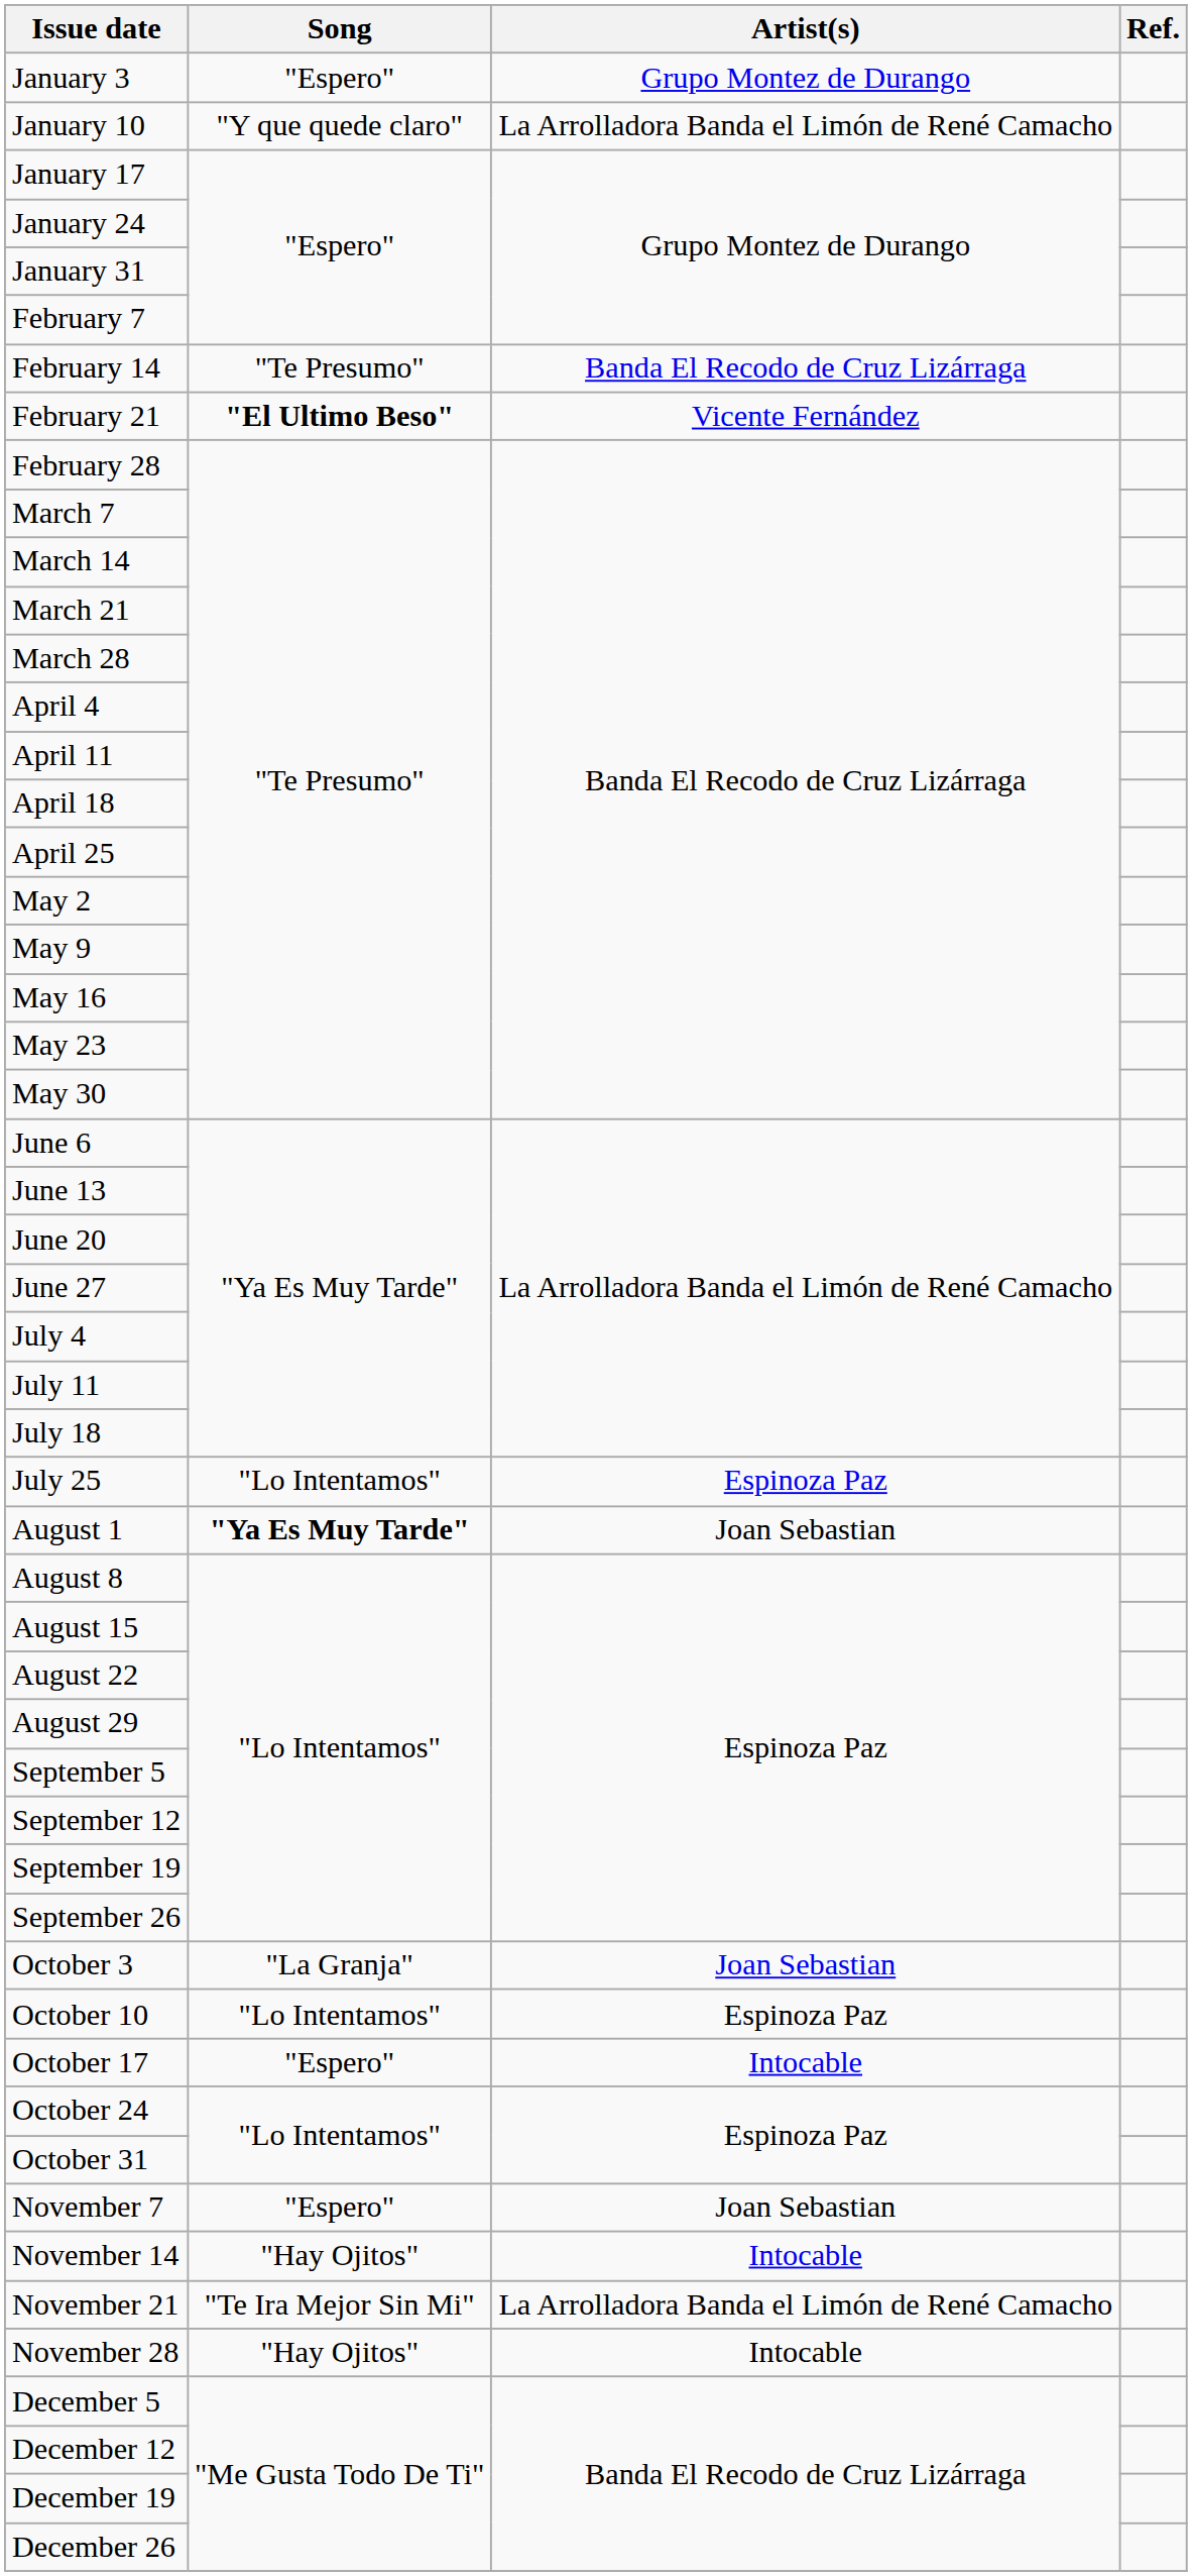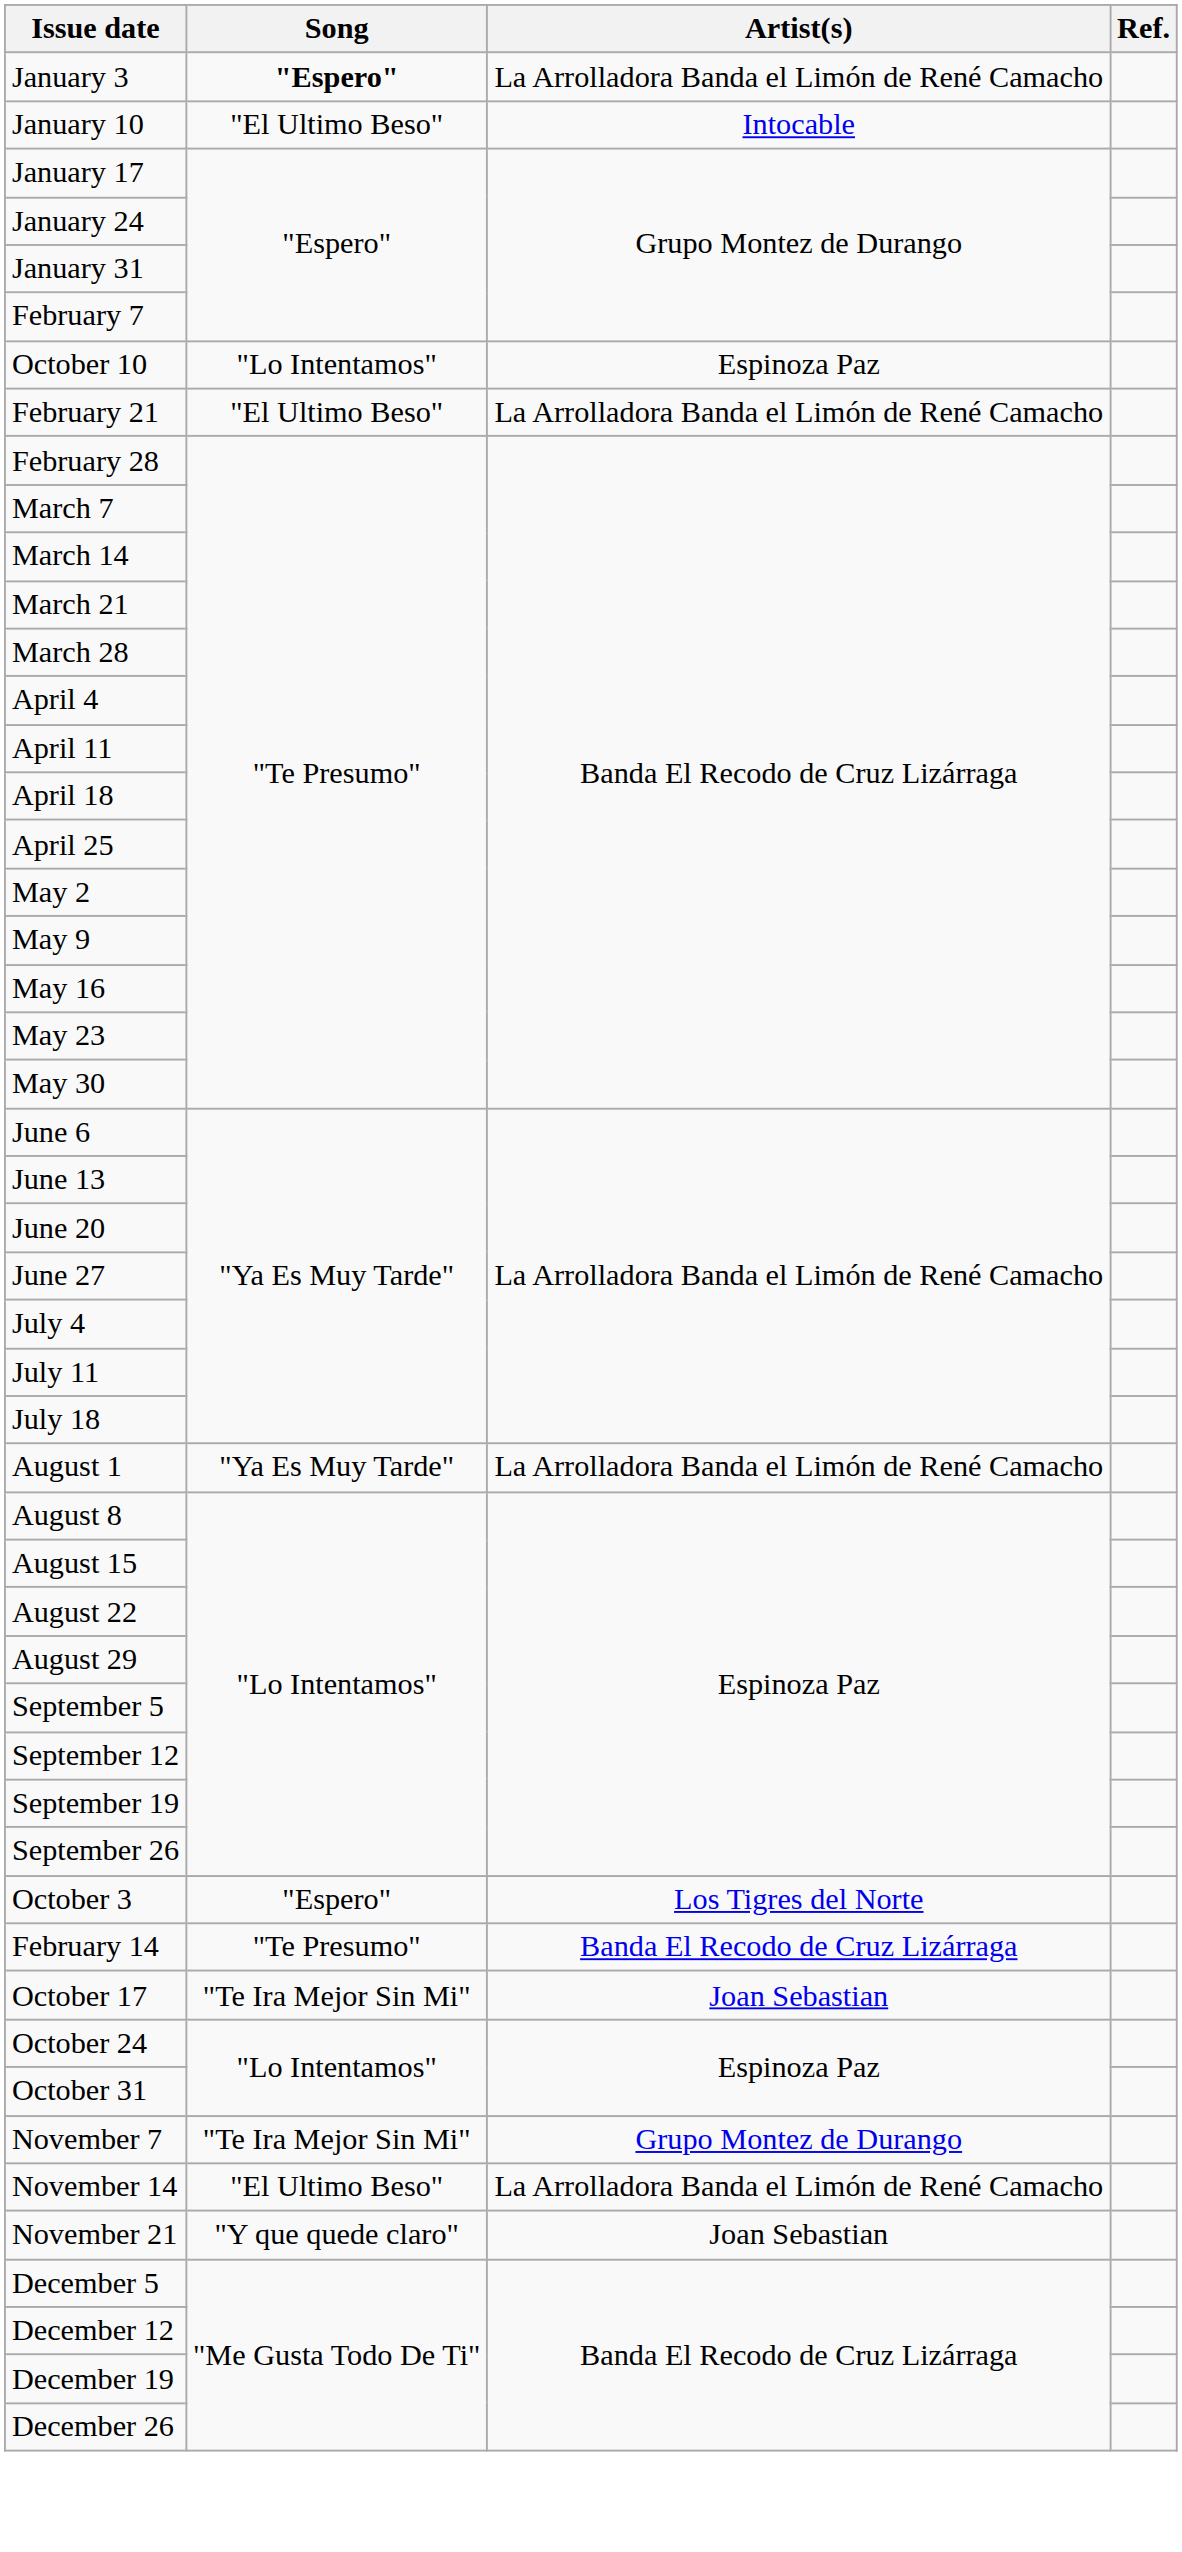 <table class="wikitable">
 <tr>
 <th>Issue date</th>
 <th>Song</th>
 <th>Artist(s)</th>
 <th>Ref.</th>
 </tr>
 <tr>
 <td>January 3</td>
-<td style="text-align: center;">"Espero"</td>
-<td style="text-align: center;"><a href='#'>Grupo Montez de Durango</a></td>
+<td style="text-align: center;"><strong>"Espero"</strong></td>
+<td style="text-align: center;">La Arrolladora Banda el Limón de René Camacho</td>
 <td style="text-align: center;"></td>
 </tr>
 <tr>
 <td>January 10</td>
-<td style="text-align: center;">"Y que quede claro"</td>
-<td style="text-align: center;">La Arrolladora Banda el Limón de René Camacho</td>
+<td style="text-align: center;">"El Ultimo Beso"</td>
+<td style="text-align: center;"><a href='#'>Intocable</a></td>
 <td style="text-align: center;"></td>
 </tr>
 <tr>
 <td>January 17</td>
 <td style="text-align: center;"rowspan="4">"Espero"</td>
 <td style="text-align: center;"rowspan="4">Grupo Montez de Durango</td>
 <td style="text-align: center;"></td>
 </tr>
 <tr>
 <td>January 24</td>
 <td style="text-align: center;"></td>
 </tr>
 <tr>
 <td>January 31</td>
 <td style="text-align: center;"></td>
 </tr>
 <tr>
 <td>February 7</td>
 <td style="text-align: center;"></td>
 </tr>
 <tr>
-<td>February 14</td>
-<td style="text-align: center;">"Te Presumo"</td>
-<td style="text-align: center;"><a href='#'>Banda El Recodo de Cruz Lizárraga</a></td>
+<td>October 10</td>
+<td style="text-align: center;">"Lo Intentamos"</td>
+<td style="text-align: center;">Espinoza Paz</td>
 <td style="text-align: center;"></td>
 </tr>
 <tr>
 <td>February 21</td>
-<td style="text-align: center;"><strong>"El Ultimo Beso"</strong></td>
-<td style="text-align: center;"><a href='#'>Vicente Fernández</a></td>
+<td style="text-align: center;">"El Ultimo Beso"</td>
+<td style="text-align: center;">La Arrolladora Banda el Limón de René Camacho</td>
 <td style="text-align: center;"></td>
 </tr>
 <tr>
 <td>February 28</td>
 <td style="text-align: center;"rowspan="14">"Te Presumo"</td>
 <td style="text-align: center;"rowspan="14">Banda El Recodo de Cruz Lizárraga</td>
 <td style="text-align: center;"></td>
 </tr>
 <tr>
 <td>March 7</td>
 <td style="text-align: center;"></td>
 </tr>
 <tr>
 <td>March 14</td>
 <td style="text-align: center;"></td>
 </tr>
 <tr>
 <td>March 21</td>
 <td style="text-align: center;"></td>
 </tr>
 <tr>
 <td>March 28</td>
 <td style="text-align: center;"></td>
 </tr>
 <tr>
 <td>April 4</td>
 <td style="text-align: center;"></td>
 </tr>
 <tr>
 <td>April 11</td>
 <td style="text-align: center;"></td>
 </tr>
 <tr>
 <td>April 18</td>
 <td style="text-align: center;"></td>
 </tr>
 <tr>
 <td>April 25</td>
 <td style="text-align: center;"></td>
 </tr>
 <tr>
 <td>May 2</td>
 <td style="text-align: center;"></td>
 </tr>
 <tr>
 <td>May 9</td>
 <td style="text-align: center;"></td>
 </tr>
 <tr>
 <td>May 16</td>
 <td style="text-align: center;"></td>
 </tr>
 <tr>
 <td>May 23</td>
 <td style="text-align: center;"></td>
 </tr>
 <tr>
 <td>May 30</td>
 <td style="text-align: center;"></td>
 </tr>
 <tr>
 <td>June 6</td>
 <td style="text-align: center;"rowspan="7">"Ya Es Muy Tarde"</td>
 <td style="text-align: center;"rowspan="7">La Arrolladora Banda el Limón de René Camacho</td>
 <td style="text-align: center;"></td>
 </tr>
 <tr>
 <td>June 13</td>
 <td style="text-align: center;"></td>
 </tr>
 <tr>
 <td>June 20</td>
 <td style="text-align: center;"></td>
 </tr>
 <tr>
 <td>June 27</td>
 <td style="text-align: center;"></td>
 </tr>
 <tr>
 <td>July 4</td>
 <td style="text-align: center;"></td>
 </tr>
 <tr>
 <td>July 11</td>
 <td style="text-align: center;"></td>
 </tr>
 <tr>
 <td>July 18</td>
 <td style="text-align: center;"></td>
 </tr>
 <tr>
-<td>July 25</td>
-<td style="text-align: center;">"Lo Intentamos"</td>
-<td style="text-align: center;"><a href='#'>Espinoza Paz</a></td>
-<td style="text-align: center;"></td>
-</tr>
-<tr>
 <td>August 1</td>
-<td style="text-align: center;"><strong>"Ya Es Muy Tarde"</strong></td>
-<td style="text-align: center;">Joan Sebastian</td>
+<td style="text-align: center;">"Ya Es Muy Tarde"</td>
+<td style="text-align: center;">La Arrolladora Banda el Limón de René Camacho</td>
 <td style="text-align: center;"></td>
 </tr>
 <tr>
 <td>August 8</td>
 <td style="text-align: center;"rowspan="8">"Lo Intentamos"</td>
 <td style="text-align: center;"rowspan="8">Espinoza Paz</td>
 <td style="text-align: center;"></td>
 </tr>
 <tr>
 <td>August 15</td>
 <td style="text-align: center;"></td>
 </tr>
 <tr>
 <td>August 22</td>
 <td style="text-align: center;"></td>
 </tr>
 <tr>
 <td>August 29</td>
 <td style="text-align: center;"></td>
 </tr>
 <tr>
 <td>September 5</td>
 <td style="text-align: center;"></td>
 </tr>
 <tr>
 <td>September 12</td>
 <td style="text-align: center;"></td>
 </tr>
 <tr>
 <td>September 19</td>
 <td style="text-align: center;"></td>
 </tr>
 <tr>
 <td>September 26</td>
 <td style="text-align: center;"></td>
 </tr>
 <tr>
 <td>October 3</td>
-<td style="text-align: center;">"La Granja"</td>
-<td style="text-align: center;"><a href='#'>Joan Sebastian</a></td>
+<td style="text-align: center;">"Espero"</td>
+<td style="text-align: center;"><a href='#'>Los Tigres del Norte</a></td>
 <td style="text-align: center;"></td>
 </tr>
 <tr>
-<td>October 10</td>
-<td style="text-align: center;">"Lo Intentamos"</td>
-<td style="text-align: center;">Espinoza Paz</td>
+<td>February 14</td>
+<td style="text-align: center;">"Te Presumo"</td>
+<td style="text-align: center;"><a href='#'>Banda El Recodo de Cruz Lizárraga</a></td>
 <td style="text-align: center;"></td>
 </tr>
 <tr>
 <td>October 17</td>
-<td style="text-align: center;">"Espero"</td>
-<td style="text-align: center;"><a href='#'>Intocable</a></td>
+<td style="text-align: center;">"Te Ira Mejor Sin Mi"</td>
+<td style="text-align: center;"><a href='#'>Joan Sebastian</a></td>
 <td style="text-align: center;"></td>
 </tr>
 <tr>
 <td>October 24</td>
 <td style="text-align: center;" rowspan="2">"Lo Intentamos"</td>
 <td style="text-align: center;" rowspan="2">Espinoza Paz</td>
 <td style="text-align: center;"></td>
 </tr>
 <tr>
 <td>October 31</td>
 <td style="text-align: center;"></td>
 </tr>
 <tr>
 <td>November 7</td>
-<td style="text-align: center;">"Espero"</td>
-<td style="text-align: center;">Joan Sebastian</td>
+<td style="text-align: center;">"Te Ira Mejor Sin Mi"</td>
+<td style="text-align: center;"><a href='#'>Grupo Montez de Durango</a></td>
 <td style="text-align: center;"></td>
 </tr>
 <tr>
 <td>November 14</td>
-<td style="text-align: center;">"Hay Ojitos"</td>
-<td style="text-align: center;"><a href='#'>Intocable</a></td>
+<td style="text-align: center;">"El Ultimo Beso"</td>
+<td style="text-align: center;">La Arrolladora Banda el Limón de René Camacho</td>
 <td style="text-align: center;"></td>
 </tr>
 <tr>
 <td>November 21</td>
-<td style="text-align: center;">"Te Ira Mejor Sin Mi"</td>
-<td style="text-align: center;">La Arrolladora Banda el Limón de René Camacho</td>
-<td style="text-align: center;"></td>
-</tr>
-<tr>
-<td>November 28</td>
-<td style="text-align: center;">"Hay Ojitos"</td>
-<td style="text-align: center;">Intocable</td>
+<td style="text-align: center;">"Y que quede claro"</td>
+<td style="text-align: center;">Joan Sebastian</td>
 <td style="text-align: center;"></td>
 </tr>
 <tr>
 <td>December 5</td>
 <td style="text-align: center;"rowspan="4">"Me Gusta Todo De Ti"</td>
 <td style="text-align: center;"rowspan="4">Banda El Recodo de Cruz Lizárraga</td>
 <td style="text-align: center;"></td>
 </tr>
 <tr>
 <td>December 12</td>
 <td style="text-align: center;"></td>
 </tr>
 <tr>
 <td>December 19</td>
 <td style="text-align: center;"></td>
 </tr>
 <tr>
 <td>December 26</td>
 <td style="text-align: center;"></td>
 </tr>
 </table>
